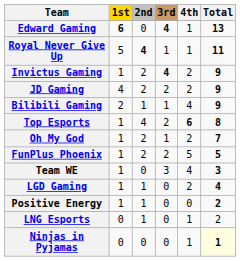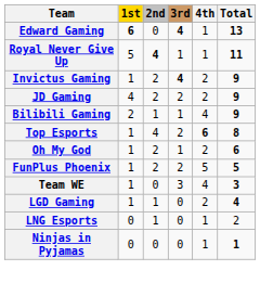 <table class="wikitable plainrowheaders sortable" style="text-align:center">
 <tr>
 <th style="width:10em;">Team</th>
 <th style="background:gold;">1st</th>
 <th style="background:silver;">2nd</th>
 <th style="background:#c96;">3rd</th>
 <th>4th</th>
 <th>Total</th>
 </tr>
 <tr>
 <th scope="row"><a href='#'>Edward Gaming</a></th>
 <td><strong>6</strong></td>
 <td>0</td>
 <td><strong>4</strong></td>
 <td>1</td>
 <td><strong>13</strong></td>
 </tr>
 <tr>
 <th scope="row"><a href='#'>Royal Never Give Up</a></th>
 <td>5</td>
 <td><strong>4</strong></td>
 <td>1</td>
 <td>1</td>
 <td><strong>11</strong></td>
 </tr>
 <tr>
 <th scope="row"><a href='#'>Invictus Gaming</a></th>
 <td>1</td>
 <td>2</td>
 <td><strong>4</strong></td>
 <td>2</td>
 <td><strong>9</strong></td>
 </tr>
 <tr>
 <th scope="row"><a href='#'>JD Gaming</a></th>
 <td>4</td>
 <td>2</td>
 <td>2</td>
 <td>2</td>
 <td><strong>9</strong></td>
 </tr>
 <tr>
 <th scope="row"><a href='#'>Bilibili Gaming</a></th>
 <td>2</td>
 <td>1</td>
 <td>1</td>
 <td>4</td>
 <td><strong>9</strong></td>
 </tr>
 <tr>
 <th scope="row"><a href='#'>Top Esports</a></th>
 <td>1</td>
 <td>4</td>
 <td>2</td>
 <td><strong>6</strong></td>
 <td><strong>8</strong></td>
 </tr>
 <tr>
 <th scope="row"><a href='#'>Oh My God</a></th>
 <td>1</td>
 <td>2</td>
 <td>1</td>
 <td>2</td>
-<td><strong>7</strong></td>
+<td><strong>6</strong></td>
 </tr>
 <tr>
 <th scope="row"><a href='#'>FunPlus Phoenix</a></th>
 <td>1</td>
 <td>2</td>
 <td>2</td>
 <td>5</td>
 <td><strong>5</strong></td>
 </tr>
 <tr>
 <th scope="row">Team WE</th>
 <td>1</td>
 <td>0</td>
 <td>3</td>
 <td>4</td>
 <td><strong>3</strong></td>
 </tr>
 <tr>
 <th scope="row"><a href='#'>LGD Gaming</a></th>
 <td>1</td>
 <td>1</td>
 <td>0</td>
 <td>2</td>
 <td><strong>4</strong></td>
 </tr>
 <tr>
-<th scope="row">Positive Energy</th>
-<td>1</td>
-<td>1</td>
-<td>0</td>
-<td>0</td>
-<td><strong>2</strong></td>
-</tr>
-<tr>
 <th scope="row"><a href='#'>LNG Esports</a></th>
 <td>0</td>
 <td>1</td>
 <td>0</td>
 <td>1</td>
 <td>2</td>
 </tr>
 <tr>
 <th scope="row"><a href='#'>Ninjas in Pyjamas</a></th>
 <td>0</td>
 <td>0</td>
 <td>0</td>
 <td>1</td>
-<td style="background: lightyellow;"><strong>1</strong></td>
+<td><strong>1</strong></td>
 </tr>
 </table>
